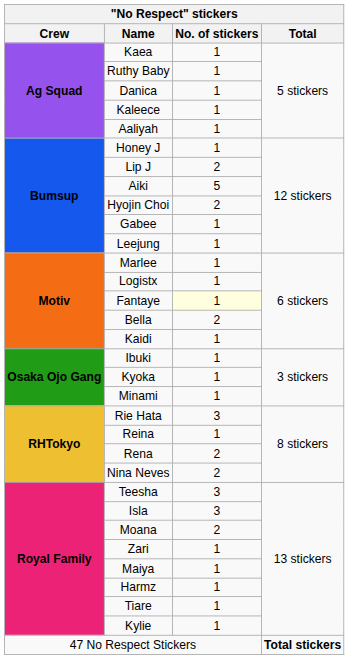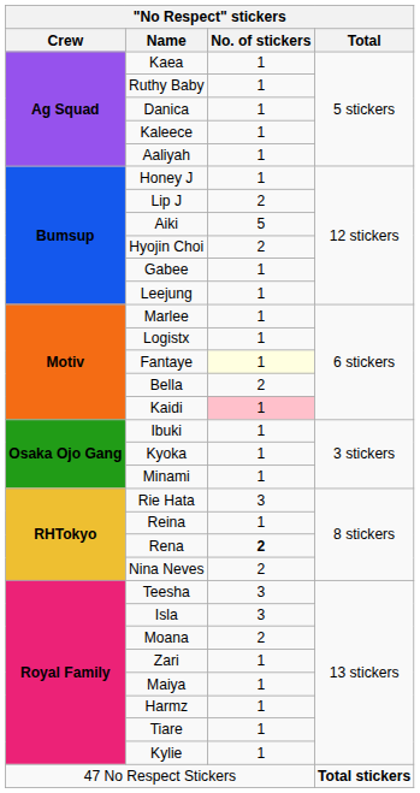 <table class="wikitable sortable mw-collapsible mw-collapsed"  style="text-align:center; font-size:90%">
 <tr>
 <th colspan="6">"No Respect" stickers</th>
 </tr>
 <tr style="background:#f2f2f2;">
 <th scope="col">Crew</th>
 <th scope="col">Name</th>
 <th scope="col">No. of stickers</th>
 <th scope="col">Total</th>
 </tr>
 <tr>
 <td rowspan="5"style="background:#9652ED "><strong>Ag Squad</strong></td>
 <td>Kaea</td>
 <td>1</td>
 <td rowspan="5">5 stickers</td>
 </tr>
 <tr>
 <td>Ruthy Baby</td>
 <td>1</td>
 </tr>
 <tr>
 <td>Danica</td>
 <td>1</td>
 </tr>
 <tr>
 <td>Kaleece</td>
 <td>1</td>
 </tr>
 <tr>
 <td>Aaliyah</td>
 <td>1</td>
 </tr>
 <tr>
 <td rowspan="6" style="background:#1458ED "><strong>Bumsup</strong></td>
 <td>Honey J</td>
 <td>1</td>
 <td rowspan="6">12 stickers</td>
 </tr>
 <tr>
 <td>Lip J</td>
 <td>2</td>
 </tr>
 <tr>
 <td>Aiki</td>
 <td>5</td>
 </tr>
 <tr>
 <td>Hyojin Choi</td>
 <td>2</td>
 </tr>
 <tr>
 <td>Gabee</td>
 <td>1</td>
 </tr>
 <tr>
 <td>Leejung</td>
 <td>1</td>
 </tr>
 <tr>
 <td rowspan="5"style="background:#F46C14"><strong>Motiv</strong></td>
 <td>Marlee</td>
 <td>1</td>
 <td rowspan="5">6 stickers</td>
 </tr>
 <tr>
 <td>Logistx</td>
 <td>1</td>
 </tr>
 <tr>
 <td>Fantaye</td>
 <td style="background: lightyellow;">1</td>
 </tr>
 <tr>
 <td>Bella</td>
 <td>2</td>
 </tr>
 <tr>
 <td>Kaidi</td>
-<td>1</td>
+<td style="background: pink;">1</td>
 </tr>
 <tr>
 <td rowspan="3"style="background:#219C17"><strong>Osaka Ojo Gang</strong></td>
 <td>Ibuki</td>
 <td>1</td>
 <td rowspan="3">3 stickers</td>
 </tr>
 <tr>
 <td>Kyoka</td>
 <td>1</td>
 </tr>
 <tr>
 <td>Minami</td>
 <td>1</td>
 </tr>
 <tr>
 <td rowspan="4"style="background:#EEBF31"><strong>RHTokyo</strong></td>
 <td>Rie Hata</td>
 <td>3</td>
 <td rowspan="4">8 stickers</td>
 </tr>
 <tr>
 <td>Reina</td>
 <td>1</td>
 </tr>
 <tr>
 <td>Rena</td>
-<td>2</td>
+<td><strong>2</strong></td>
 </tr>
 <tr>
 <td>Nina Neves</td>
 <td>2</td>
 </tr>
 <tr>
 <td rowspan="8"style="background:#EC2277"><strong>Royal Family</strong></td>
 <td>Teesha</td>
 <td>3</td>
 <td rowspan="8">13 stickers</td>
 </tr>
 <tr>
 <td>Isla</td>
 <td>3</td>
 </tr>
 <tr>
 <td>Moana</td>
 <td>2</td>
 </tr>
 <tr>
 <td>Zari</td>
 <td>1</td>
 </tr>
 <tr>
 <td>Maiya</td>
 <td>1</td>
 </tr>
 <tr>
 <td>Harmz</td>
 <td>1</td>
 </tr>
 <tr>
 <td>Tiare</td>
 <td>1</td>
 </tr>
 <tr>
 <td>Kylie</td>
 <td>1</td>
 </tr>
 <tr>
 <td colspan="3">47 No Respect Stickers</td>
 <td><strong>Total stickers</strong></td>
 </tr>
 </table>
